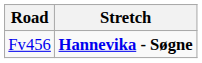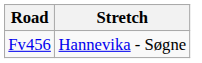 <table class="wikitable">
 <tr>
 <th>Road</th>
 <th>Stretch</th>
 </tr>
 <tr>
 <td><a href='#'>Fv456</a></td>
-<td><strong><a href='#'>Hannevika</a> - Søgne</strong></td>
+<td><a href='#'>Hannevika</a> - Søgne</td>
 </tr>
 </table>
